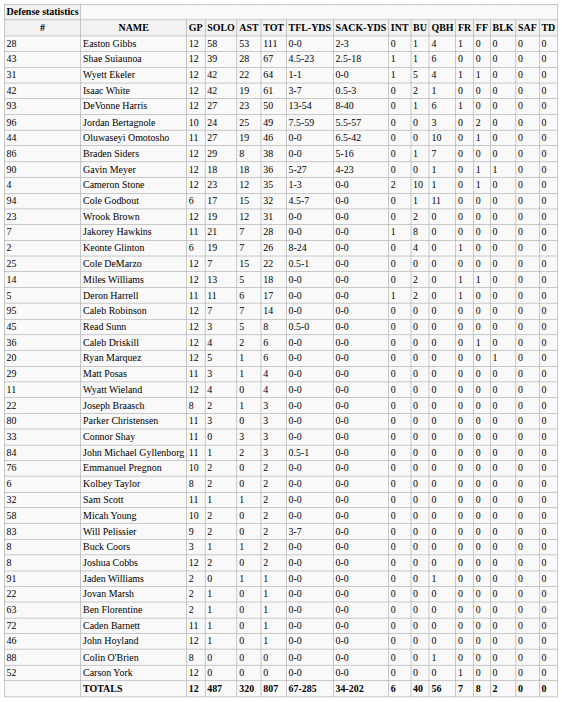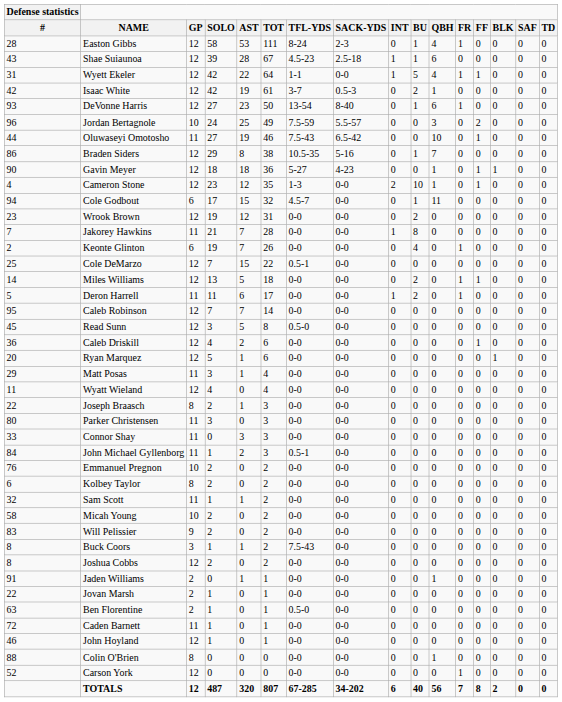 <table class="wikitable collapsible">
 <tr>
 <th style="text-align:center; ">Defense statistics</th>
 </tr>
 <tr>
 <th>#</th>
 <th>NAME</th>
 <th>GP</th>
 <th>SOLO</th>
 <th>AST</th>
 <th>TOT</th>
 <th>TFL-YDS</th>
 <th>SACK-YDS</th>
 <th>INT</th>
 <th>BU</th>
 <th>QBH</th>
 <th>FR</th>
 <th>FF</th>
 <th>BLK</th>
 <th>SAF</th>
 <th>TD</th>
 </tr>
 <tr>
 <td>28</td>
 <td>Easton Gibbs</td>
 <td>12</td>
 <td>58</td>
 <td>53</td>
 <td>111</td>
-<td>0-0</td>
+<td>8-24</td>
 <td>2-3</td>
 <td>0</td>
 <td>1</td>
 <td>4</td>
 <td>1</td>
 <td>0</td>
 <td>0</td>
 <td>0</td>
 <td>0</td>
 </tr>
 <tr>
 <td>43</td>
 <td>Shae Suiaunoa</td>
 <td>12</td>
 <td>39</td>
 <td>28</td>
 <td>67</td>
 <td>4.5-23</td>
 <td>2.5-18</td>
 <td>1</td>
 <td>1</td>
 <td>6</td>
 <td>0</td>
 <td>0</td>
 <td>0</td>
 <td>0</td>
 <td>0</td>
 </tr>
 <tr>
 <td>31</td>
 <td>Wyett Ekeler</td>
 <td>12</td>
 <td>42</td>
 <td>22</td>
 <td>64</td>
 <td>1-1</td>
 <td>0-0</td>
 <td>1</td>
 <td>5</td>
 <td>4</td>
 <td>1</td>
 <td>1</td>
 <td>0</td>
 <td>0</td>
 <td>0</td>
 </tr>
 <tr>
 <td>42</td>
 <td>Isaac White</td>
 <td>12</td>
 <td>42</td>
 <td>19</td>
 <td>61</td>
 <td>3-7</td>
 <td>0.5-3</td>
 <td>0</td>
 <td>2</td>
 <td>1</td>
 <td>0</td>
 <td>0</td>
 <td>0</td>
 <td>0</td>
 <td>0</td>
 </tr>
 <tr>
 <td>93</td>
 <td>DeVonne Harris</td>
 <td>12</td>
 <td>27</td>
 <td>23</td>
 <td>50</td>
 <td>13-54</td>
 <td>8-40</td>
 <td>0</td>
 <td>1</td>
 <td>6</td>
 <td>1</td>
 <td>0</td>
 <td>0</td>
 <td>0</td>
 <td>0</td>
 </tr>
 <tr>
 <td>96</td>
 <td>Jordan Bertagnole</td>
 <td>10</td>
 <td>24</td>
 <td>25</td>
 <td>49</td>
 <td>7.5-59</td>
 <td>5.5-57</td>
 <td>0</td>
 <td>0</td>
 <td>3</td>
 <td>0</td>
 <td>2</td>
 <td>0</td>
 <td>0</td>
 <td>0</td>
 </tr>
 <tr>
 <td>44</td>
 <td>Oluwaseyi Omotosho</td>
 <td>11</td>
 <td>27</td>
 <td>19</td>
 <td>46</td>
-<td>0-0</td>
+<td>7.5-43</td>
 <td>6.5-42</td>
 <td>0</td>
 <td>0</td>
 <td>10</td>
 <td>0</td>
 <td>1</td>
 <td>0</td>
 <td>0</td>
 <td>0</td>
 </tr>
 <tr>
 <td>86</td>
 <td>Braden Siders</td>
 <td>12</td>
 <td>29</td>
 <td>8</td>
 <td>38</td>
-<td>0-0</td>
+<td>10.5-35</td>
 <td>5-16</td>
 <td>0</td>
 <td>1</td>
 <td>7</td>
 <td>0</td>
 <td>0</td>
 <td>0</td>
 <td>0</td>
 <td>0</td>
 </tr>
 <tr>
 <td>90</td>
 <td>Gavin Meyer</td>
 <td>12</td>
 <td>18</td>
 <td>18</td>
 <td>36</td>
 <td>5-27</td>
 <td>4-23</td>
 <td>0</td>
 <td>0</td>
 <td>1</td>
 <td>0</td>
 <td>1</td>
 <td>1</td>
 <td>0</td>
 <td>0</td>
 </tr>
 <tr>
 <td>4</td>
 <td>Cameron Stone</td>
 <td>12</td>
 <td>23</td>
 <td>12</td>
 <td>35</td>
 <td>1-3</td>
 <td>0-0</td>
 <td>2</td>
 <td>10</td>
 <td>1</td>
 <td>0</td>
 <td>1</td>
 <td>0</td>
 <td>0</td>
 <td>0</td>
 </tr>
 <tr>
 <td>94</td>
 <td>Cole Godbout</td>
 <td>6</td>
 <td>17</td>
 <td>15</td>
 <td>32</td>
 <td>4.5-7</td>
 <td>0-0</td>
 <td>0</td>
 <td>1</td>
 <td>11</td>
 <td>0</td>
 <td>0</td>
 <td>0</td>
 <td>0</td>
 <td>0</td>
 </tr>
 <tr>
 <td>23</td>
 <td>Wrook Brown</td>
 <td>12</td>
 <td>19</td>
 <td>12</td>
 <td>31</td>
 <td>0-0</td>
 <td>0-0</td>
 <td>0</td>
 <td>2</td>
 <td>0</td>
 <td>0</td>
 <td>0</td>
 <td>0</td>
 <td>0</td>
 <td>0</td>
 </tr>
 <tr>
 <td>7</td>
 <td>Jakorey Hawkins</td>
 <td>11</td>
 <td>21</td>
 <td>7</td>
 <td>28</td>
 <td>0-0</td>
 <td>0-0</td>
 <td>1</td>
 <td>8</td>
 <td>0</td>
 <td>0</td>
 <td>0</td>
 <td>0</td>
 <td>0</td>
 <td>0</td>
 </tr>
 <tr>
 <td>2</td>
 <td>Keonte Glinton</td>
 <td>6</td>
 <td>19</td>
 <td>7</td>
 <td>26</td>
-<td>8-24</td>
+<td>0-0</td>
 <td>0-0</td>
 <td>0</td>
 <td>4</td>
 <td>0</td>
 <td>1</td>
 <td>0</td>
 <td>0</td>
 <td>0</td>
 <td>0</td>
 </tr>
 <tr>
 <td>25</td>
 <td>Cole DeMarzo</td>
 <td>12</td>
 <td>7</td>
 <td>15</td>
 <td>22</td>
 <td>0.5-1</td>
 <td>0-0</td>
 <td>0</td>
 <td>0</td>
 <td>0</td>
 <td>0</td>
 <td>0</td>
 <td>0</td>
 <td>0</td>
 <td>0</td>
 </tr>
 <tr>
 <td>14</td>
 <td>Miles Williams</td>
 <td>12</td>
 <td>13</td>
 <td>5</td>
 <td>18</td>
 <td>0-0</td>
 <td>0-0</td>
 <td>0</td>
 <td>2</td>
 <td>0</td>
 <td>1</td>
 <td>1</td>
 <td>0</td>
 <td>0</td>
 <td>0</td>
 </tr>
 <tr>
 <td>5</td>
 <td>Deron Harrell</td>
 <td>11</td>
 <td>11</td>
 <td>6</td>
 <td>17</td>
 <td>0-0</td>
 <td>0-0</td>
 <td>1</td>
 <td>2</td>
 <td>0</td>
 <td>1</td>
 <td>0</td>
 <td>0</td>
 <td>0</td>
 <td>0</td>
 </tr>
 <tr>
 <td>95</td>
 <td>Caleb Robinson</td>
 <td>12</td>
 <td>7</td>
 <td>7</td>
 <td>14</td>
 <td>0-0</td>
 <td>0-0</td>
 <td>0</td>
 <td>0</td>
 <td>0</td>
 <td>0</td>
 <td>0</td>
 <td>0</td>
 <td>0</td>
 <td>0</td>
 </tr>
 <tr>
 <td>45</td>
 <td>Read Sunn</td>
 <td>12</td>
 <td>3</td>
 <td>5</td>
 <td>8</td>
 <td>0.5-0</td>
 <td>0-0</td>
 <td>0</td>
 <td>0</td>
 <td>0</td>
 <td>0</td>
 <td>0</td>
 <td>0</td>
 <td>0</td>
 <td>0</td>
 </tr>
 <tr>
 <td>36</td>
 <td>Caleb Driskill</td>
 <td>12</td>
 <td>4</td>
 <td>2</td>
 <td>6</td>
 <td>0-0</td>
 <td>0-0</td>
 <td>0</td>
 <td>0</td>
 <td>0</td>
 <td>0</td>
 <td>1</td>
 <td>0</td>
 <td>0</td>
 <td>0</td>
 </tr>
 <tr>
 <td>20</td>
 <td>Ryan Marquez</td>
 <td>12</td>
 <td>5</td>
 <td>1</td>
 <td>6</td>
 <td>0-0</td>
 <td>0-0</td>
 <td>0</td>
 <td>0</td>
 <td>0</td>
 <td>0</td>
 <td>0</td>
 <td>1</td>
 <td>0</td>
 <td>0</td>
 </tr>
 <tr>
 <td>29</td>
 <td>Matt Posas</td>
 <td>11</td>
 <td>3</td>
 <td>1</td>
 <td>4</td>
 <td>0-0</td>
 <td>0-0</td>
 <td>0</td>
 <td>0</td>
 <td>0</td>
 <td>0</td>
 <td>0</td>
 <td>0</td>
 <td>0</td>
 <td>0</td>
 </tr>
 <tr>
 <td>11</td>
 <td>Wyatt Wieland</td>
 <td>12</td>
 <td>4</td>
 <td>0</td>
 <td>4</td>
 <td>0-0</td>
 <td>0-0</td>
 <td>0</td>
 <td>0</td>
 <td>0</td>
 <td>0</td>
 <td>0</td>
 <td>0</td>
 <td>0</td>
 <td>0</td>
 </tr>
 <tr>
 <td>22</td>
 <td>Joseph Braasch</td>
 <td>8</td>
 <td>2</td>
 <td>1</td>
 <td>3</td>
 <td>0-0</td>
 <td>0-0</td>
 <td>0</td>
 <td>0</td>
 <td>0</td>
 <td>0</td>
 <td>0</td>
 <td>0</td>
 <td>0</td>
 <td>0</td>
 </tr>
 <tr>
 <td>80</td>
 <td>Parker Christensen</td>
 <td>11</td>
 <td>3</td>
 <td>0</td>
 <td>3</td>
 <td>0-0</td>
 <td>0-0</td>
 <td>0</td>
 <td>0</td>
 <td>0</td>
 <td>0</td>
 <td>0</td>
 <td>0</td>
 <td>0</td>
 <td>0</td>
 </tr>
 <tr>
 <td>33</td>
 <td>Connor Shay</td>
 <td>11</td>
 <td>0</td>
 <td>3</td>
 <td>3</td>
 <td>0-0</td>
 <td>0-0</td>
 <td>0</td>
 <td>0</td>
 <td>0</td>
 <td>0</td>
 <td>0</td>
 <td>0</td>
 <td>0</td>
 <td>0</td>
 </tr>
 <tr>
 <td>84</td>
 <td>John Michael Gyllenborg</td>
 <td>11</td>
 <td>1</td>
 <td>2</td>
 <td>3</td>
 <td>0.5-1</td>
 <td>0-0</td>
 <td>0</td>
 <td>0</td>
 <td>0</td>
 <td>0</td>
 <td>0</td>
 <td>0</td>
 <td>0</td>
 <td>0</td>
 </tr>
 <tr>
 <td>76</td>
 <td>Emmanuel Pregnon</td>
 <td>10</td>
 <td>2</td>
 <td>0</td>
 <td>2</td>
 <td>0-0</td>
 <td>0-0</td>
 <td>0</td>
 <td>0</td>
 <td>0</td>
 <td>0</td>
 <td>0</td>
 <td>0</td>
 <td>0</td>
 <td>0</td>
 </tr>
 <tr>
 <td>6</td>
 <td>Kolbey Taylor</td>
 <td>8</td>
 <td>2</td>
 <td>0</td>
 <td>2</td>
 <td>0-0</td>
 <td>0-0</td>
 <td>0</td>
 <td>0</td>
 <td>0</td>
 <td>0</td>
 <td>0</td>
 <td>0</td>
 <td>0</td>
 <td>0</td>
 </tr>
 <tr>
 <td>32</td>
 <td>Sam Scott</td>
 <td>11</td>
 <td>1</td>
 <td>1</td>
 <td>2</td>
 <td>0-0</td>
 <td>0-0</td>
 <td>0</td>
 <td>0</td>
 <td>0</td>
 <td>0</td>
 <td>0</td>
 <td>0</td>
 <td>0</td>
 <td>0</td>
 </tr>
 <tr>
 <td>58</td>
 <td>Micah Young</td>
 <td>10</td>
 <td>2</td>
 <td>0</td>
 <td>2</td>
 <td>0-0</td>
 <td>0-0</td>
 <td>0</td>
 <td>0</td>
 <td>0</td>
 <td>0</td>
 <td>0</td>
 <td>0</td>
 <td>0</td>
 <td>0</td>
 </tr>
 <tr>
 <td>83</td>
 <td>Will Pelissier</td>
 <td>9</td>
 <td>2</td>
 <td>0</td>
 <td>2</td>
-<td>3-7</td>
+<td>0-0</td>
 <td>0-0</td>
 <td>0</td>
 <td>0</td>
 <td>0</td>
 <td>0</td>
 <td>0</td>
 <td>0</td>
 <td>0</td>
 <td>0</td>
 </tr>
 <tr>
 <td>8</td>
 <td>Buck Coors</td>
 <td>3</td>
 <td>1</td>
 <td>1</td>
 <td>2</td>
-<td>0-0</td>
+<td>7.5-43</td>
 <td>0-0</td>
 <td>0</td>
 <td>0</td>
 <td>0</td>
 <td>0</td>
 <td>0</td>
 <td>0</td>
 <td>0</td>
 <td>0</td>
 </tr>
 <tr>
 <td>8</td>
 <td>Joshua Cobbs</td>
 <td>12</td>
 <td>2</td>
 <td>0</td>
 <td>2</td>
 <td>0-0</td>
 <td>0-0</td>
 <td>0</td>
 <td>0</td>
 <td>0</td>
 <td>0</td>
 <td>0</td>
 <td>0</td>
 <td>0</td>
 <td>0</td>
 </tr>
 <tr>
 <td>91</td>
 <td>Jaden Williams</td>
 <td>2</td>
 <td>0</td>
 <td>1</td>
 <td>1</td>
 <td>0-0</td>
 <td>0-0</td>
 <td>0</td>
 <td>0</td>
 <td>1</td>
 <td>0</td>
 <td>0</td>
 <td>0</td>
 <td>0</td>
 <td>0</td>
 </tr>
 <tr>
 <td>22</td>
 <td>Jovan Marsh</td>
 <td>2</td>
 <td>1</td>
 <td>0</td>
 <td>1</td>
 <td>0-0</td>
 <td>0-0</td>
 <td>0</td>
 <td>0</td>
 <td>0</td>
 <td>0</td>
 <td>0</td>
 <td>0</td>
 <td>0</td>
 <td>0</td>
 </tr>
 <tr>
 <td>63</td>
 <td>Ben Florentine</td>
 <td>2</td>
 <td>1</td>
 <td>0</td>
 <td>1</td>
-<td>0-0</td>
+<td>0.5-0</td>
 <td>0-0</td>
 <td>0</td>
 <td>0</td>
 <td>0</td>
 <td>0</td>
 <td>0</td>
 <td>0</td>
 <td>0</td>
 <td>0</td>
 </tr>
 <tr>
 <td>72</td>
 <td>Caden Barnett</td>
 <td>11</td>
 <td>1</td>
 <td>0</td>
 <td>1</td>
 <td>0-0</td>
 <td>0-0</td>
 <td>0</td>
 <td>0</td>
 <td>0</td>
 <td>0</td>
 <td>0</td>
 <td>0</td>
 <td>0</td>
 <td>0</td>
 </tr>
 <tr>
 <td>46</td>
 <td>John Hoyland</td>
 <td>12</td>
 <td>1</td>
 <td>0</td>
 <td>1</td>
 <td>0-0</td>
 <td>0-0</td>
 <td>0</td>
 <td>0</td>
 <td>0</td>
 <td>0</td>
 <td>0</td>
 <td>0</td>
 <td>0</td>
 <td>0</td>
 </tr>
 <tr>
 <td>88</td>
 <td>Colin O'Brien</td>
 <td>8</td>
 <td>0</td>
 <td>0</td>
 <td>0</td>
 <td>0-0</td>
 <td>0-0</td>
 <td>0</td>
 <td>0</td>
 <td>1</td>
 <td>0</td>
 <td>0</td>
 <td>0</td>
 <td>0</td>
 <td>0</td>
 </tr>
 <tr>
 <td>52</td>
 <td>Carson York</td>
 <td>12</td>
 <td>0</td>
 <td>0</td>
 <td>0</td>
 <td>0-0</td>
 <td>0-0</td>
 <td>0</td>
 <td>0</td>
 <td>0</td>
 <td>1</td>
 <td>0</td>
 <td>0</td>
 <td>0</td>
 <td>0</td>
 </tr>
 <tr>
 <td></td>
 <td><strong>TOTALS</strong></td>
 <td><strong>12</strong></td>
 <td><strong>487</strong></td>
 <td><strong>320</strong></td>
 <td><strong>807</strong></td>
 <td><strong>67-285</strong></td>
 <td><strong>34-202</strong></td>
 <td><strong>6</strong></td>
 <td><strong>40</strong></td>
 <td><strong>56</strong></td>
 <td><strong>7</strong></td>
 <td><strong>8</strong></td>
 <td><strong>2</strong></td>
 <td><strong>0</strong></td>
 <td><strong>0</strong></td>
 </tr>
 </table>
